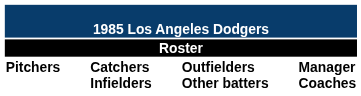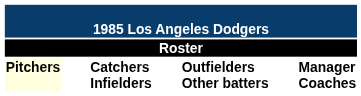 <table class="toccolours" style="font-size: 95%;">
 <tr>
 <th colspan="10" style="background-color: #083c6b; color: #FFFFFF; text-align: center;"><br>1985 Los Angeles Dodgers</th>
 </tr>
 <tr>
 <td colspan="74" style="background-color: black; color: #FFFFFF; text-align: center;"><strong>Roster</strong></td>
 </tr>
 <tr>
-<td valign="top"><strong>Pitchers</strong><br>              </td>
+<td valign="top" style="background: lightyellow;"><strong>Pitchers</strong><br>              </td>
 <td width="25px"></td>
 <td valign="top"><strong>Catchers</strong><br>   <strong>Infielders</strong>           </td>
 <td width="25px"></td>
 <td valign="top"><strong>Outfielders</strong><br>            <strong>Other batters</strong> </td>
 <td width="25px"></td>
 <td valign="top"><strong>Manager</strong><br> <strong>Coaches</strong>      </td>
 </tr>
 </table>
